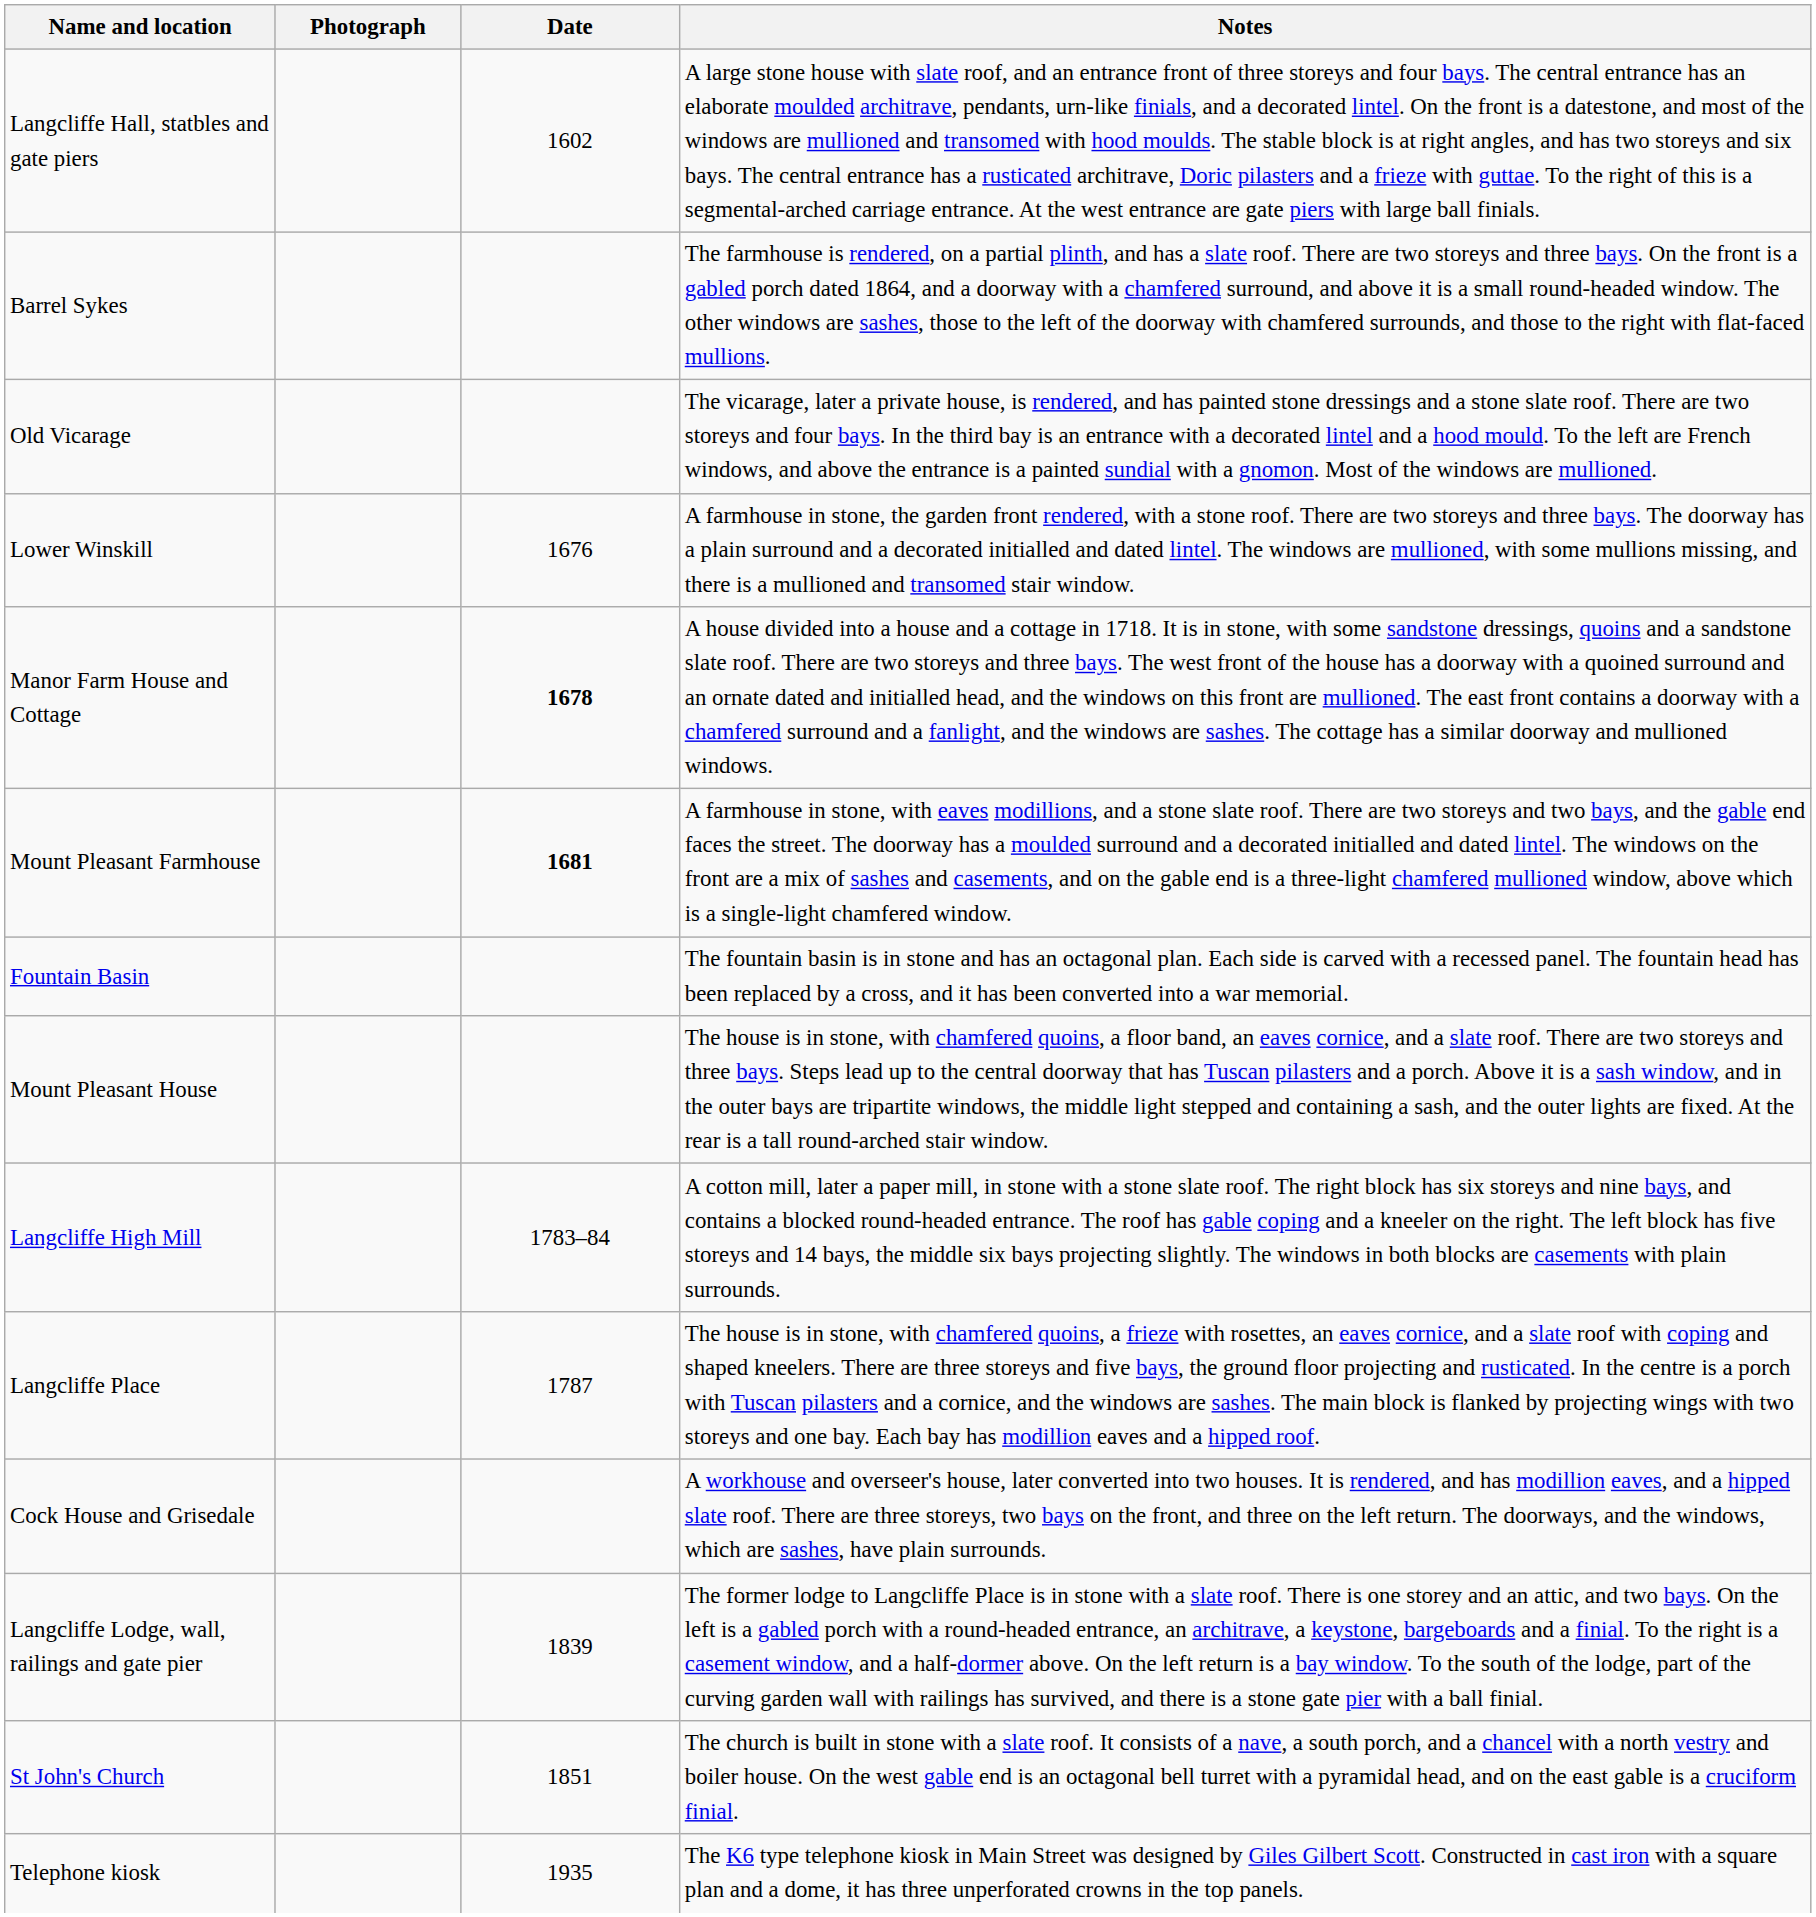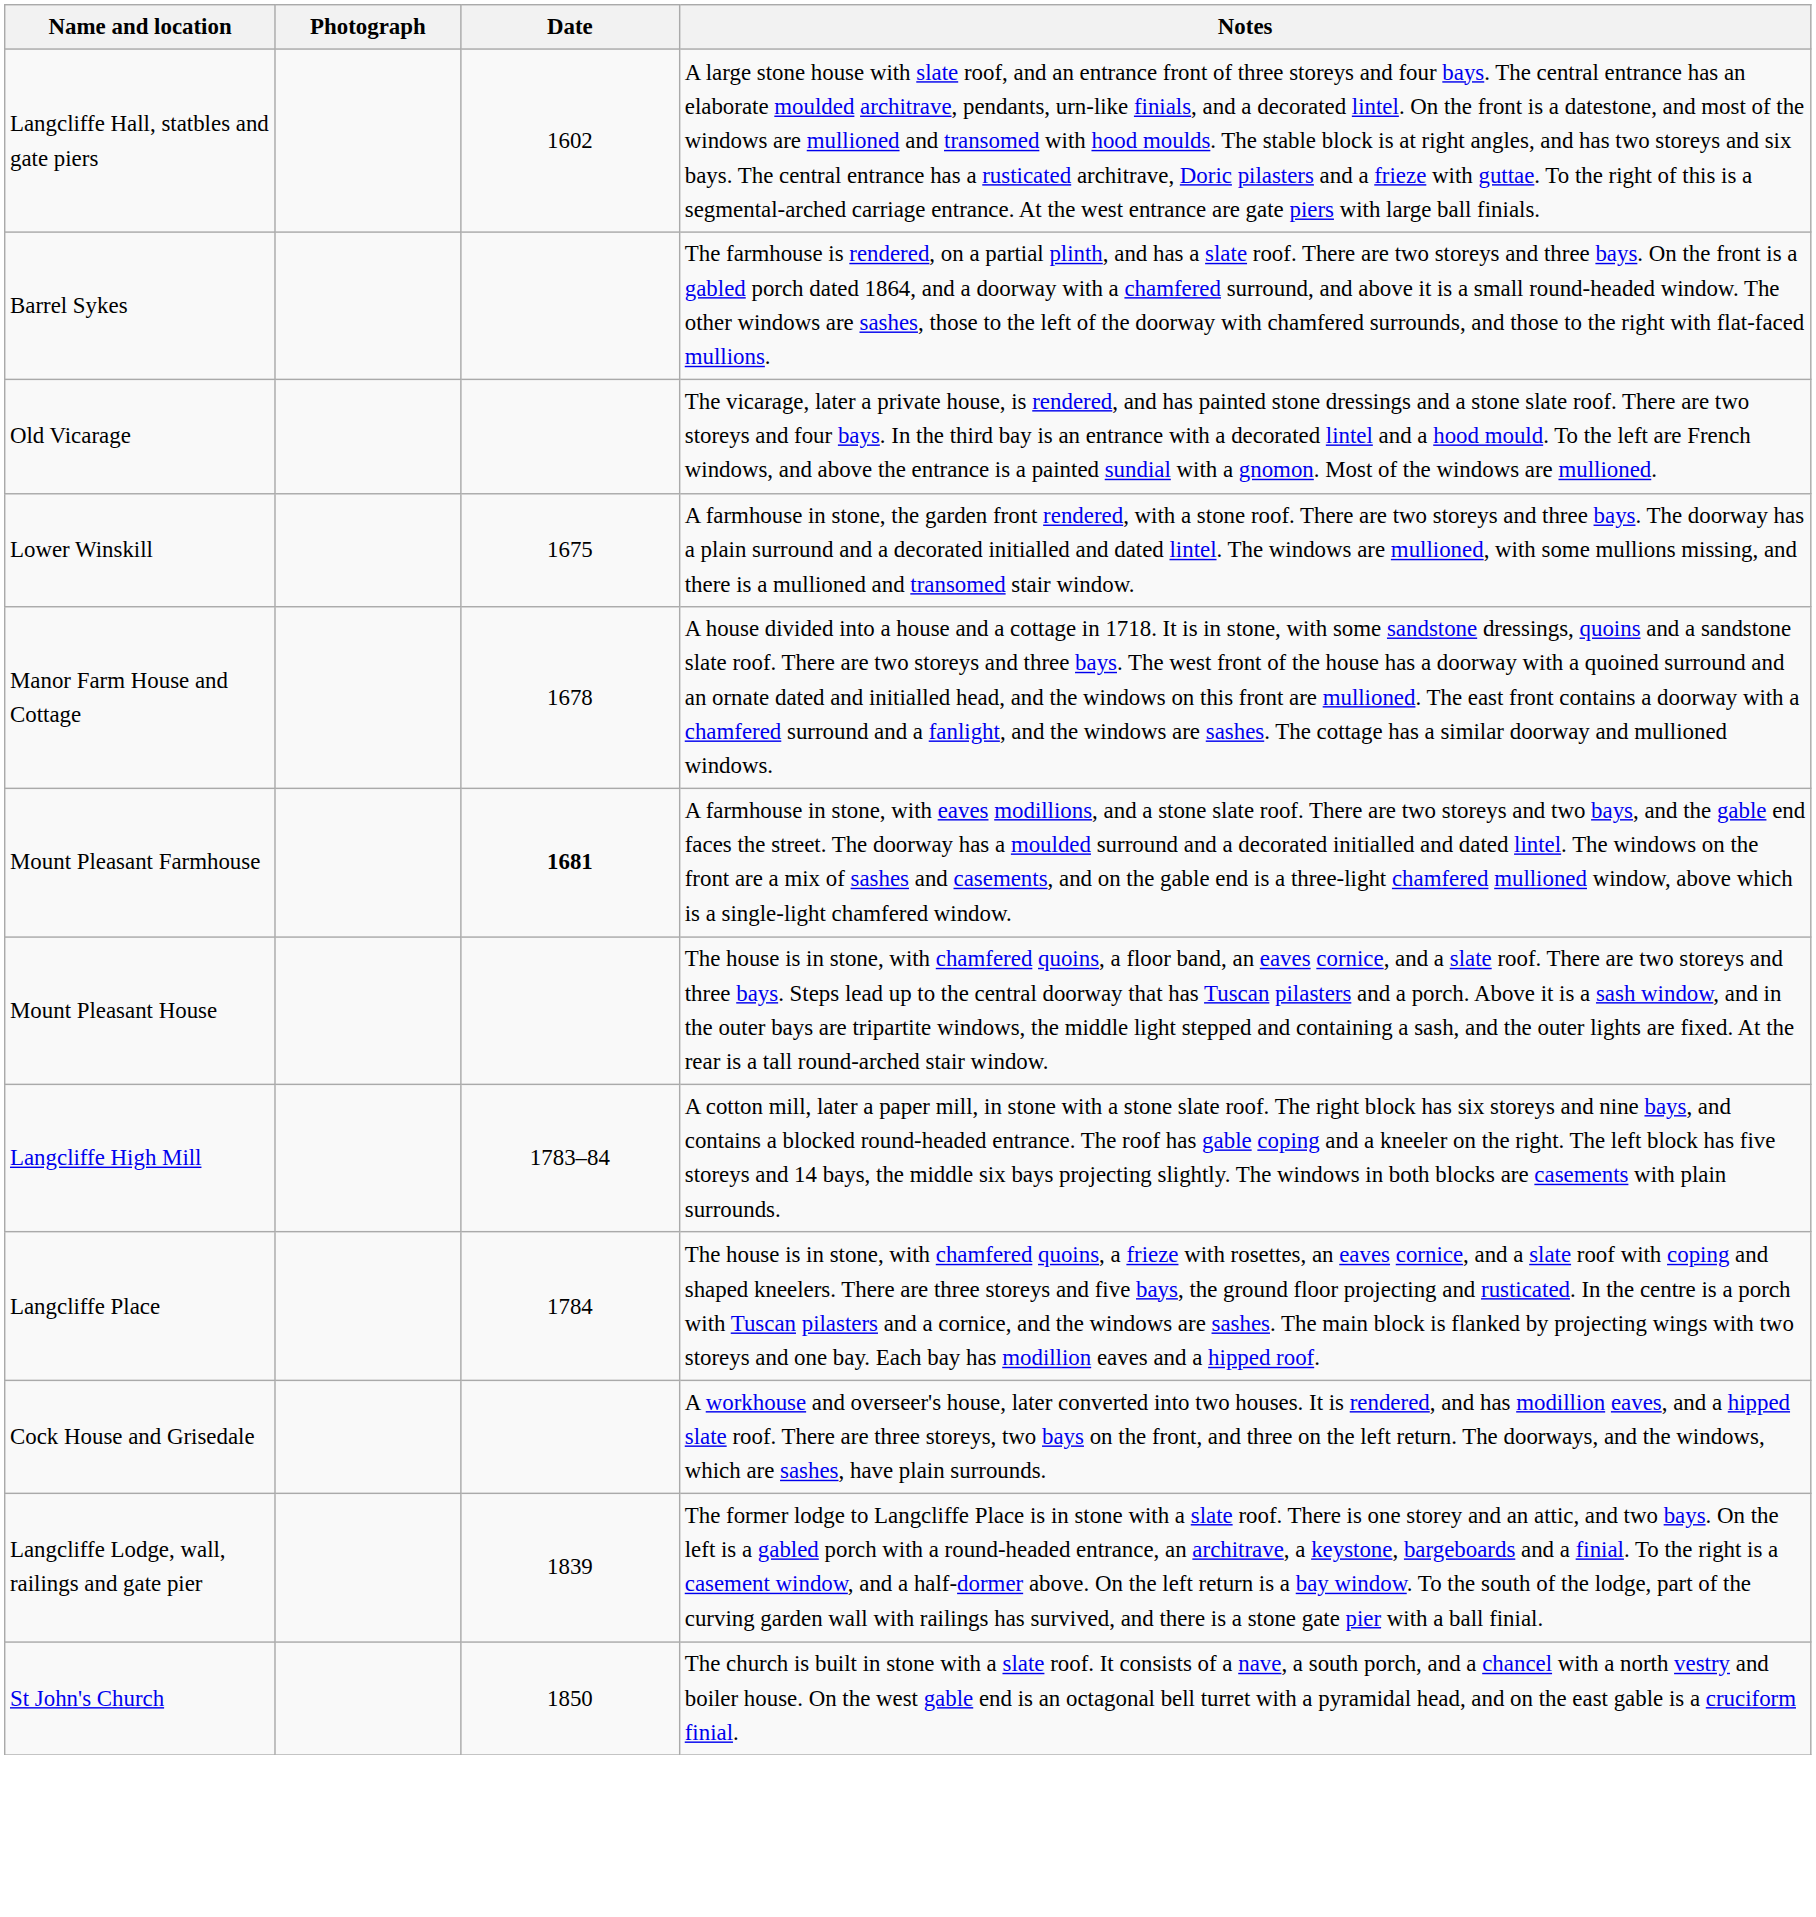 <table class="wikitable sortable plainrowheaders" style="width:100%;border:0px;text-align:left;line-height:150%;">
 <tr>
 <th scope="col"  style="width:150px">Name and location</th>
 <th scope="col"  style="width:100px" class="unsortable">Photograph</th>
 <th scope="col"  style="width:120px">Date</th>
 <th scope="col"  style="width:650px" class="unsortable">Notes</th>
 </tr>
 <tr>
 <td>Langcliffe Hall, statbles and gate piers<br><small></small></td>
 <td></td>
 <td align="center">1602</td>
 <td>A large stone house with <a href='#'>slate</a> roof, and an entrance front of three storeys and four <a href='#'>bays</a>. The central entrance has an elaborate <a href='#'>moulded</a> <a href='#'>architrave</a>, pendants, urn-like <a href='#'>finials</a>, and a decorated <a href='#'>lintel</a>. On the front is a datestone, and most of the windows are <a href='#'>mullioned</a> and <a href='#'>transomed</a> with <a href='#'>hood moulds</a>. The stable block is at right angles, and has two storeys and six bays. The central entrance has a <a href='#'>rusticated</a> architrave,  <a href='#'>Doric</a> <a href='#'>pilasters</a> and a <a href='#'>frieze</a> with <a href='#'>guttae</a>. To the right of this is a segmental-arched carriage entrance. At the west entrance are gate <a href='#'>piers</a> with large ball finials.</td>
 </tr>
 <tr>
 <td>Barrel Sykes<br><small></small></td>
 <td></td>
 <td align="center"></td>
 <td>The farmhouse is <a href='#'>rendered</a>, on a partial <a href='#'>plinth</a>, and has a <a href='#'>slate</a> roof. There are two storeys and three <a href='#'>bays</a>. On the front is a <a href='#'>gabled</a> porch dated 1864, and a doorway with a <a href='#'>chamfered</a> surround, and above it is a small round-headed window. The other windows are <a href='#'>sashes</a>, those to the left of the doorway with chamfered surrounds, and those to the right with flat-faced <a href='#'>mullions</a>.</td>
 </tr>
 <tr>
 <td>Old Vicarage<br><small></small></td>
 <td></td>
 <td align="center"></td>
 <td>The vicarage, later a private house, is <a href='#'>rendered</a>, and has painted stone dressings and a stone slate roof. There are two storeys and four <a href='#'>bays</a>. In the third bay is an entrance with a decorated <a href='#'>lintel</a> and a <a href='#'>hood mould</a>. To the left are French windows, and above the entrance is a painted <a href='#'>sundial</a> with a <a href='#'>gnomon</a>. Most of the windows are <a href='#'>mullioned</a>.</td>
 </tr>
 <tr>
 <td>Lower Winskill<br><small></small></td>
 <td></td>
-<td align="center">1676</td>
+<td align="center">1675</td>
 <td>A farmhouse in stone, the garden front <a href='#'>rendered</a>, with a stone roof. There are two storeys and three <a href='#'>bays</a>. The doorway has a plain surround and a decorated initialled and dated <a href='#'>lintel</a>. The windows are <a href='#'>mullioned</a>, with some mullions missing, and there is a mullioned and <a href='#'>transomed</a> stair window.</td>
 </tr>
 <tr>
 <td>Manor Farm House and Cottage<br><small></small></td>
 <td></td>
-<td align="center"><strong>1678</strong></td>
+<td align="center">1678</td>
 <td>A house divided into a house and a cottage in 1718. It is in stone, with some <a href='#'>sandstone</a> dressings, <a href='#'>quoins</a> and a sandstone slate roof. There are two storeys and three <a href='#'>bays</a>. The west front of the house has a doorway with a quoined surround and an ornate dated and initialled head, and the windows on this front are <a href='#'>mullioned</a>. The east front contains a doorway with a <a href='#'>chamfered</a> surround and a <a href='#'>fanlight</a>, and the windows are <a href='#'>sashes</a>. The cottage has a similar doorway and mullioned windows.</td>
 </tr>
 <tr>
 <td>Mount Pleasant Farmhouse<br><small></small></td>
 <td></td>
 <td align="center"><strong>1681</strong></td>
 <td>A farmhouse in stone, with <a href='#'>eaves</a> <a href='#'>modillions</a>, and a stone slate roof. There are two storeys and two <a href='#'>bays</a>, and the <a href='#'>gable</a> end faces the street. The doorway has a <a href='#'>moulded</a> surround and a decorated initialled and dated <a href='#'>lintel</a>. The windows on the front are a mix of <a href='#'>sashes</a> and <a href='#'>casements</a>, and on the gable end is a three-light <a href='#'>chamfered</a> <a href='#'>mullioned</a> window, above which is a single-light chamfered window.</td>
-</tr>
-<tr>
-<td><a href='#'>Fountain Basin</a><br><small></small></td>
-<td></td>
-<td align="center"></td>
-<td>The fountain basin is in stone and has an octagonal plan. Each side is carved with a recessed panel. The fountain head  has been replaced by a cross, and it has been converted into a war memorial.</td>
 </tr>
 <tr>
 <td>Mount Pleasant House<br><small></small></td>
 <td></td>
 <td align="center"></td>
 <td>The house is in stone, with <a href='#'>chamfered</a> <a href='#'>quoins</a>, a floor band, an <a href='#'>eaves</a> <a href='#'>cornice</a>, and a <a href='#'>slate</a> roof. There are two storeys and three <a href='#'>bays</a>. Steps lead up to the central doorway that has <a href='#'>Tuscan</a> <a href='#'>pilasters</a> and a porch. Above it is a <a href='#'>sash window</a>, and in the outer bays are tripartite windows, the middle light stepped and containing a sash, and the outer lights are fixed. At the rear is a tall round-arched stair window.</td>
 </tr>
 <tr>
 <td><a href='#'>Langcliffe High Mill</a><br><small></small></td>
 <td></td>
 <td align="center">1783–84</td>
 <td>A cotton mill, later a paper mill, in stone with a stone slate roof. The right block has six storeys and nine <a href='#'>bays</a>, and contains a blocked round-headed entrance. The roof has <a href='#'>gable</a> <a href='#'>coping</a> and a kneeler on the right. The left block has five storeys and 14 bays, the middle six bays projecting slightly. The windows in both blocks are <a href='#'>casements</a> with plain surrounds.</td>
 </tr>
 <tr>
 <td>Langcliffe Place<br><small></small></td>
 <td></td>
-<td align="center">1787</td>
+<td align="center">1784</td>
 <td>The house is in stone, with <a href='#'>chamfered</a> <a href='#'>quoins</a>, a <a href='#'>frieze</a> with rosettes, an <a href='#'>eaves</a> <a href='#'>cornice</a>, and a <a href='#'>slate</a> roof with <a href='#'>coping</a> and shaped kneelers. There are three storeys and five <a href='#'>bays</a>, the ground floor projecting and <a href='#'>rusticated</a>. In the centre is a porch with <a href='#'>Tuscan</a> <a href='#'>pilasters</a> and a cornice, and the windows are <a href='#'>sashes</a>. The main block is flanked by projecting wings with two storeys and one bay. Each bay has <a href='#'>modillion</a> eaves and a <a href='#'>hipped roof</a>.</td>
 </tr>
 <tr>
 <td>Cock House and Grisedale<br><small></small></td>
 <td></td>
 <td align="center"></td>
 <td>A <a href='#'>workhouse</a> and overseer's house, later converted into two houses. It is <a href='#'>rendered</a>, and has <a href='#'>modillion</a> <a href='#'>eaves</a>, and a <a href='#'>hipped</a> <a href='#'>slate</a> roof. There are three storeys, two <a href='#'>bays</a> on the front, and three on the left return. The doorways, and the windows, which are <a href='#'>sashes</a>, have plain surrounds.</td>
 </tr>
 <tr>
 <td>Langcliffe Lodge, wall, railings and gate pier<br><small></small></td>
 <td></td>
 <td align="center">1839</td>
 <td>The former lodge to Langcliffe Place is in stone with a <a href='#'>slate</a> roof. There is one storey and an attic, and two <a href='#'>bays</a>. On the left is a <a href='#'>gabled</a> porch with a round-headed entrance, an <a href='#'>architrave</a>, a <a href='#'>keystone</a>, <a href='#'>bargeboards</a> and a <a href='#'>finial</a>. To the right is a <a href='#'>casement window</a>, and a half-<a href='#'>dormer</a> above. On the left return is a <a href='#'>bay window</a>. To the south of the lodge, part of the curving garden wall with railings has survived, and there is a stone gate <a href='#'>pier</a> with a ball finial.</td>
 </tr>
 <tr>
 <td><a href='#'>St John's Church</a><br><small></small></td>
 <td></td>
-<td align="center">1851</td>
+<td align="center">1850</td>
 <td>The church is built in stone with a <a href='#'>slate</a> roof. It consists of a <a href='#'>nave</a>, a south porch, and a <a href='#'>chancel</a> with a north <a href='#'>vestry</a> and boiler house. On the west <a href='#'>gable</a> end is an octagonal bell turret with a pyramidal head, and on the east gable is a <a href='#'>cruciform</a> <a href='#'>finial</a>.</td>
-</tr>
-<tr>
-<td>Telephone kiosk<br><small></small></td>
-<td></td>
-<td align="center">1935</td>
-<td>The <a href='#'>K6</a> type telephone kiosk in Main Street was designed by <a href='#'>Giles Gilbert Scott</a>.  Constructed in <a href='#'>cast iron</a> with a square plan and a dome, it has three unperforated crowns in the top panels.</td>
 </tr>
 <tr>
 </tr>
 </table>
